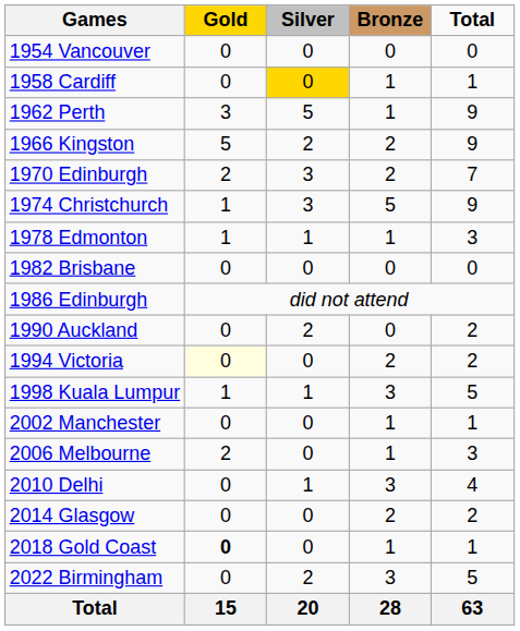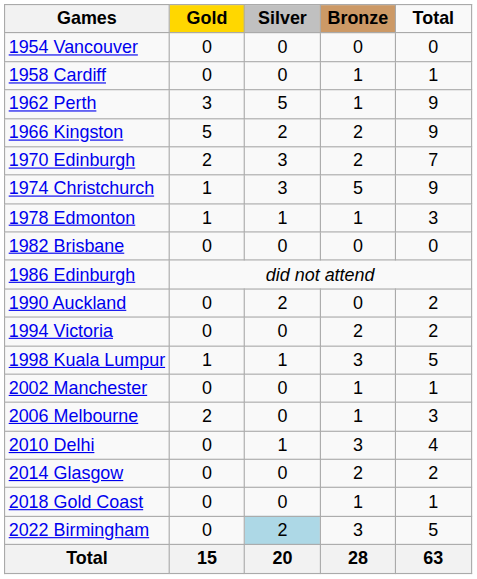 <table class="wikitable" style="text-align:center">
 <tr>
 <th>Games</th>
 <td width=60 bgcolor=gold><strong>Gold</strong></td>
 <td width=60 bgcolor=silver><strong>Silver</strong></td>
 <td width=60 bgcolor=cc9966><strong>Bronze</strong></td>
 <td width=60><strong>Total</strong></td>
 </tr>
 <tr>
 <td align=left><a href='#'>1954 Vancouver</a></td>
 <td>0</td>
 <td>0</td>
 <td>0</td>
 <td>0</td>
 </tr>
 <tr>
 <td align=left><a href='#'>1958 Cardiff</a></td>
 <td>0</td>
-<td style="background: gold;">0</td>
+<td>0</td>
 <td>1</td>
 <td>1</td>
 </tr>
 <tr>
 <td align=left><a href='#'>1962 Perth</a></td>
 <td>3</td>
 <td>5</td>
 <td>1</td>
 <td>9</td>
 </tr>
 <tr>
 <td align=left><a href='#'>1966 Kingston</a></td>
 <td>5</td>
 <td>2</td>
 <td>2</td>
 <td>9</td>
 </tr>
 <tr>
 <td align=left><a href='#'>1970 Edinburgh</a></td>
 <td>2</td>
 <td>3</td>
 <td>2</td>
 <td>7</td>
 </tr>
 <tr>
 <td align=left><a href='#'>1974 Christchurch</a></td>
 <td>1</td>
 <td>3</td>
 <td>5</td>
 <td>9</td>
 </tr>
 <tr>
 <td align=left><a href='#'>1978 Edmonton</a></td>
 <td>1</td>
 <td>1</td>
 <td>1</td>
 <td>3</td>
 </tr>
 <tr>
 <td align=left><a href='#'>1982 Brisbane</a></td>
 <td>0</td>
 <td>0</td>
 <td>0</td>
 <td>0</td>
 </tr>
 <tr>
 <td align=left><a href='#'>1986 Edinburgh</a></td>
 <td colspan=4><em>did not attend</em></td>
 </tr>
 <tr>
 <td align=left><a href='#'>1990 Auckland</a></td>
 <td>0</td>
 <td>2</td>
 <td>0</td>
 <td>2</td>
 </tr>
 <tr>
 <td align=left><a href='#'>1994 Victoria</a></td>
-<td style="background: lightyellow;">0</td>
+<td>0</td>
 <td>0</td>
 <td>2</td>
 <td>2</td>
 </tr>
 <tr>
 <td align=left><a href='#'>1998 Kuala Lumpur</a></td>
 <td>1</td>
 <td>1</td>
 <td>3</td>
 <td>5</td>
 </tr>
 <tr>
 <td align=left><a href='#'>2002 Manchester</a></td>
 <td>0</td>
 <td>0</td>
 <td>1</td>
 <td>1</td>
 </tr>
 <tr>
 <td align=left><a href='#'>2006 Melbourne</a></td>
 <td>2</td>
 <td>0</td>
 <td>1</td>
 <td>3</td>
 </tr>
 <tr>
 <td align=left><a href='#'>2010 Delhi</a></td>
 <td>0</td>
 <td>1</td>
 <td>3</td>
 <td>4</td>
 </tr>
 <tr>
 <td align=left><a href='#'>2014 Glasgow</a></td>
 <td>0</td>
 <td>0</td>
 <td>2</td>
 <td>2</td>
 </tr>
 <tr>
 <td align=left><a href='#'>2018 Gold Coast</a></td>
-<td><strong>0</strong></td>
+<td>0</td>
 <td>0</td>
 <td>1</td>
 <td>1</td>
 </tr>
 <tr>
 <td align=left><a href='#'>2022 Birmingham</a></td>
 <td>0</td>
-<td>2</td>
+<td style="background: lightblue;">2</td>
 <td>3</td>
 <td>5</td>
 </tr>
 <tr>
 <th>Total</th>
 <th>15</th>
 <th>20</th>
 <th>28</th>
 <th>63</th>
 </tr>
 </table>
